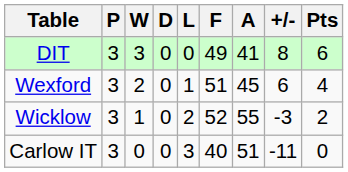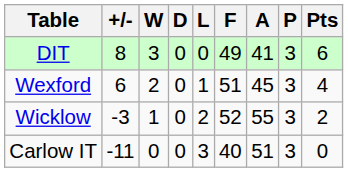 <table class="wikitable">
 <tr>
 <th>Table</th>
-<th>P</th>
+<th>+/-</th>
 <th>W</th>
 <th>D</th>
 <th>L</th>
 <th>F</th>
 <th>A</th>
-<th>+/-</th>
+<th>P</th>
 <th>Pts</th>
 </tr>
 <tr style="text-align:Center; background:#cfc;">
 <td><a href='#'>DIT</a></td>
-<td>3</td>
+<td>8</td>
 <td>3</td>
 <td>0</td>
 <td>0</td>
 <td>49</td>
 <td>41</td>
-<td>8</td>
+<td>3</td>
 <td>6</td>
 </tr>
 <tr style="text-align:Center;">
 <td><a href='#'>Wexford</a></td>
-<td>3</td>
+<td>6</td>
 <td>2</td>
 <td>0</td>
 <td>1</td>
 <td>51</td>
 <td>45</td>
-<td>6</td>
+<td>3</td>
 <td>4</td>
 </tr>
 <tr style="text-align:Center;">
 <td><a href='#'>Wicklow</a></td>
-<td>3</td>
+<td>-3</td>
 <td>1</td>
 <td>0</td>
 <td>2</td>
 <td>52</td>
 <td>55</td>
-<td>-3</td>
+<td>3</td>
 <td>2</td>
 </tr>
 <tr style="text-align:Center;">
 <td>Carlow IT</td>
-<td>3</td>
+<td>-11</td>
 <td>0</td>
 <td>0</td>
 <td>3</td>
 <td>40</td>
 <td>51</td>
-<td>-11</td>
+<td>3</td>
 <td>0</td>
 </tr>
 </table>
